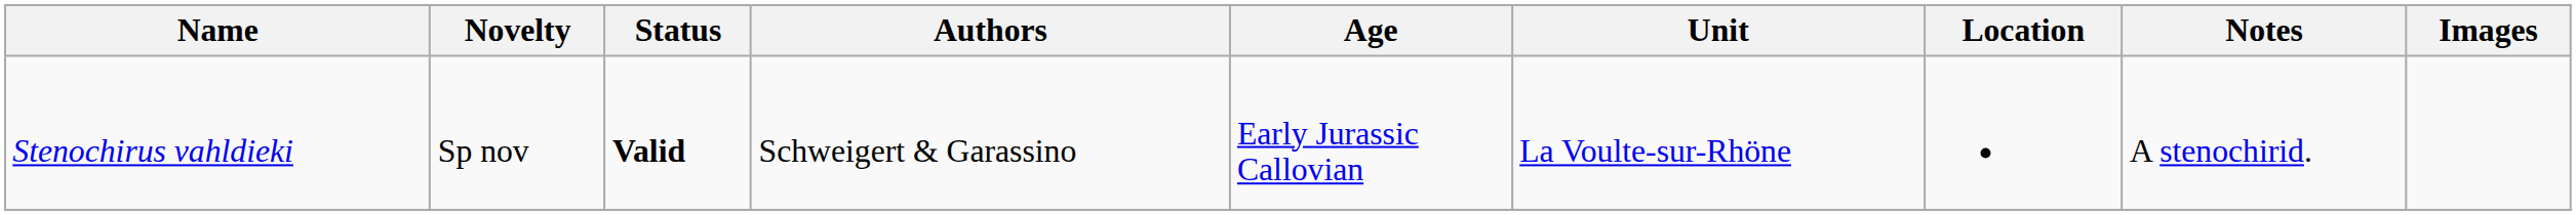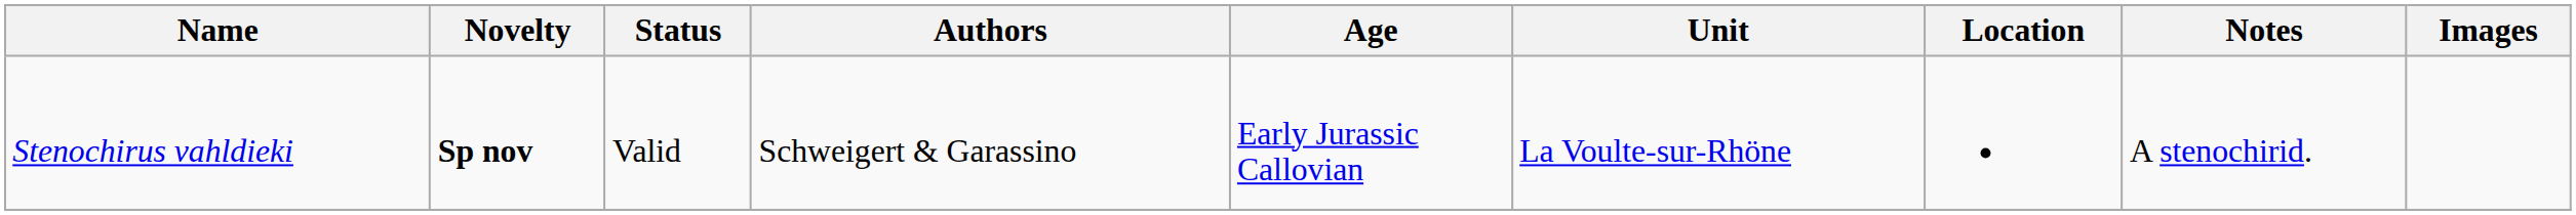 <table class="wikitable sortable" align="center" width="100%">
 <tr>
 <th>Name</th>
 <th>Novelty</th>
 <th>Status</th>
 <th>Authors</th>
 <th>Age</th>
 <th>Unit</th>
 <th>Location</th>
 <th>Notes</th>
 <th>Images</th>
 </tr>
 <tr>
 <td><br><em><a href='#'>Stenochirus vahldieki</a></em></td>
-<td><br>Sp nov</td>
-<td><strong><br>Valid</strong></td>
+<td><strong><br>Sp nov</strong></td>
+<td><br>Valid</td>
 <td><br>Schweigert & Garassino</td>
 <td><br><a href='#'>Early Jurassic</a><br><a href='#'>Callovian</a></td>
 <td><br><a href='#'>La Voulte-sur-Rhöne</a></td>
 <td><br><ul><li></li></ul></td>
 <td><br>A <a href='#'>stenochirid</a>.</td>
 <td></td>
 </tr>
 <tr>
 </tr>
 </table>
